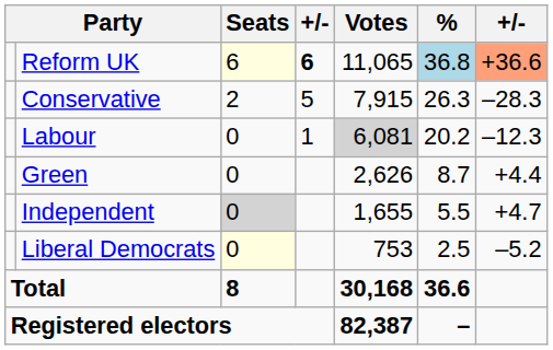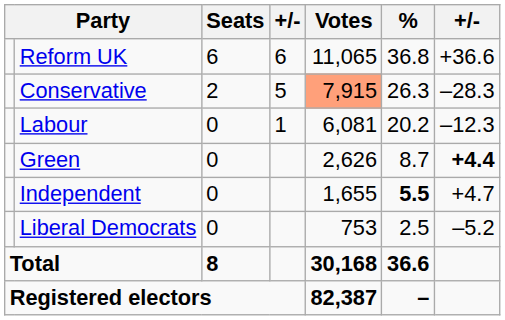 <table class="wikitable sortable">
 <tr>
 <th colspan="2">Party</th>
 <th>Seats</th>
 <th>+/-</th>
 <th>Votes</th>
 <th>%</th>
 <th>+/-</th>
 </tr>
 <tr>
 <td style="background-color: "></td>
 <td><a href='#'>Reform UK</a></td>
-<td style="background: lightyellow;">6</td>
-<td><strong> 6</strong></td>
+<td>6</td>
+<td> 6</td>
 <td style="text-align:right;">11,065</td>
-<td style="background: lightblue; text-align:right;">36.8</td>
-<td style="background: lightsalmon; text-align:right;">+36.6</td>
+<td style="text-align:right;">36.8</td>
+<td style="text-align:right;">+36.6</td>
 </tr>
 <tr>
 <td style="background-color: "></td>
 <td><a href='#'>Conservative</a></td>
 <td>2</td>
 <td> 5</td>
-<td style="text-align:right;">7,915</td>
+<td style="background: lightsalmon; text-align:right;">7,915</td>
 <td style="text-align:right;">26.3</td>
 <td style="text-align:right;">–28.3</td>
 </tr>
 <tr>
 <td style="background-color: "></td>
 <td><a href='#'>Labour</a></td>
 <td>0</td>
 <td> 1</td>
-<td style="background: lightgrey; text-align:right;">6,081</td>
+<td style="text-align:right;">6,081</td>
 <td style="text-align:right;">20.2</td>
 <td style="text-align:right;">–12.3</td>
 </tr>
 <tr>
 <td style="background-color: "></td>
 <td><a href='#'>Green</a></td>
 <td>0</td>
 <td></td>
 <td style="text-align:right;">2,626</td>
 <td style="text-align:right;">8.7</td>
-<td style="text-align:right;">+4.4</td>
+<td style="text-align:right;"><strong>+4.4</strong></td>
 </tr>
 <tr>
 <td style="background-color: "></td>
 <td><a href='#'>Independent</a></td>
-<td style="background: lightgrey;">0</td>
+<td>0</td>
 <td></td>
 <td style="text-align:right;">1,655</td>
-<td style="text-align:right;">5.5</td>
+<td style="text-align:right;"><strong>5.5</strong></td>
 <td style="text-align:right;">+4.7</td>
 </tr>
 <tr>
 <td style="background-color: "></td>
 <td><a href='#'>Liberal Democrats</a></td>
-<td style="background: lightyellow;">0</td>
+<td>0</td>
 <td></td>
 <td style="text-align:right;">753</td>
 <td style="text-align:right;">2.5</td>
 <td style="text-align:right;">–5.2</td>
 </tr>
 <tr>
 <td colspan="2"><strong>Total</strong></td>
 <td><strong>8</strong></td>
 <td></td>
 <td style="text-align:right;"><strong>30,168</strong></td>
 <td style="text-align:right;"><strong>36.6</strong></td>
 <td style="text-align:right;"></td>
 </tr>
 <tr>
 <td colspan="4"><strong>Registered electors</strong></td>
 <td style="text-align:right;"><strong>82,387</strong></td>
 <td style="text-align:right;"><strong>–</strong></td>
 <td style="text-align:right;"></td>
 </tr>
 </table>
